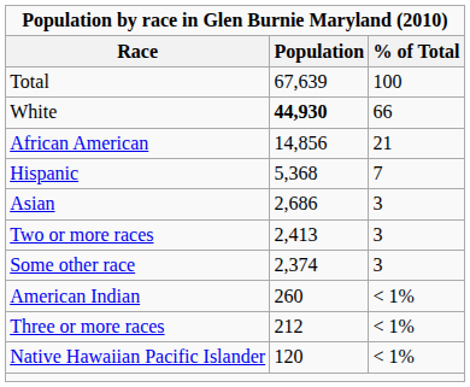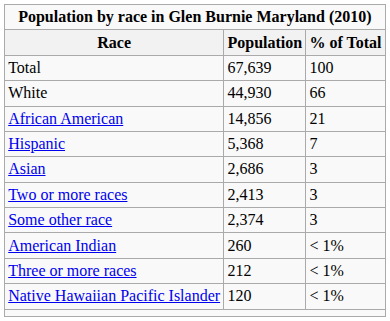 <table class="wikitable sortable">
 <tr>
 <td colspan="3" style="text-align:center;"><strong>Population by race in Glen Burnie Maryland (2010)</strong></td>
 </tr>
 <tr>
 <th>Race</th>
 <th>Population</th>
 <th>% of Total</th>
 </tr>
 <tr>
 <td>Total</td>
 <td>67,639</td>
 <td>100</td>
 </tr>
 <tr>
 <td>White</td>
-<td><strong>44,930</strong></td>
+<td>44,930</td>
 <td>66</td>
 </tr>
 <tr>
 <td><a href='#'>African American</a></td>
 <td>14,856</td>
 <td>21</td>
 </tr>
 <tr>
 <td><a href='#'>Hispanic</a></td>
 <td>5,368</td>
 <td>7</td>
 </tr>
 <tr>
 <td><a href='#'>Asian</a></td>
 <td>2,686</td>
 <td>3</td>
 </tr>
 <tr>
 <td><a href='#'>Two or more races</a></td>
 <td>2,413</td>
 <td>3</td>
 </tr>
 <tr>
 <td><a href='#'>Some other race</a></td>
 <td>2,374</td>
 <td>3</td>
 </tr>
 <tr>
 <td><a href='#'>American Indian</a></td>
 <td>260</td>
 <td>< 1%</td>
 </tr>
 <tr>
 <td><a href='#'>Three or more races</a></td>
 <td>212</td>
 <td>< 1%</td>
 </tr>
 <tr>
 <td><a href='#'>Native Hawaiian Pacific Islander</a></td>
 <td>120</td>
 <td>< 1%</td>
 </tr>
 <tr>
 <td colspan="3"></td>
 </tr>
 </table>
